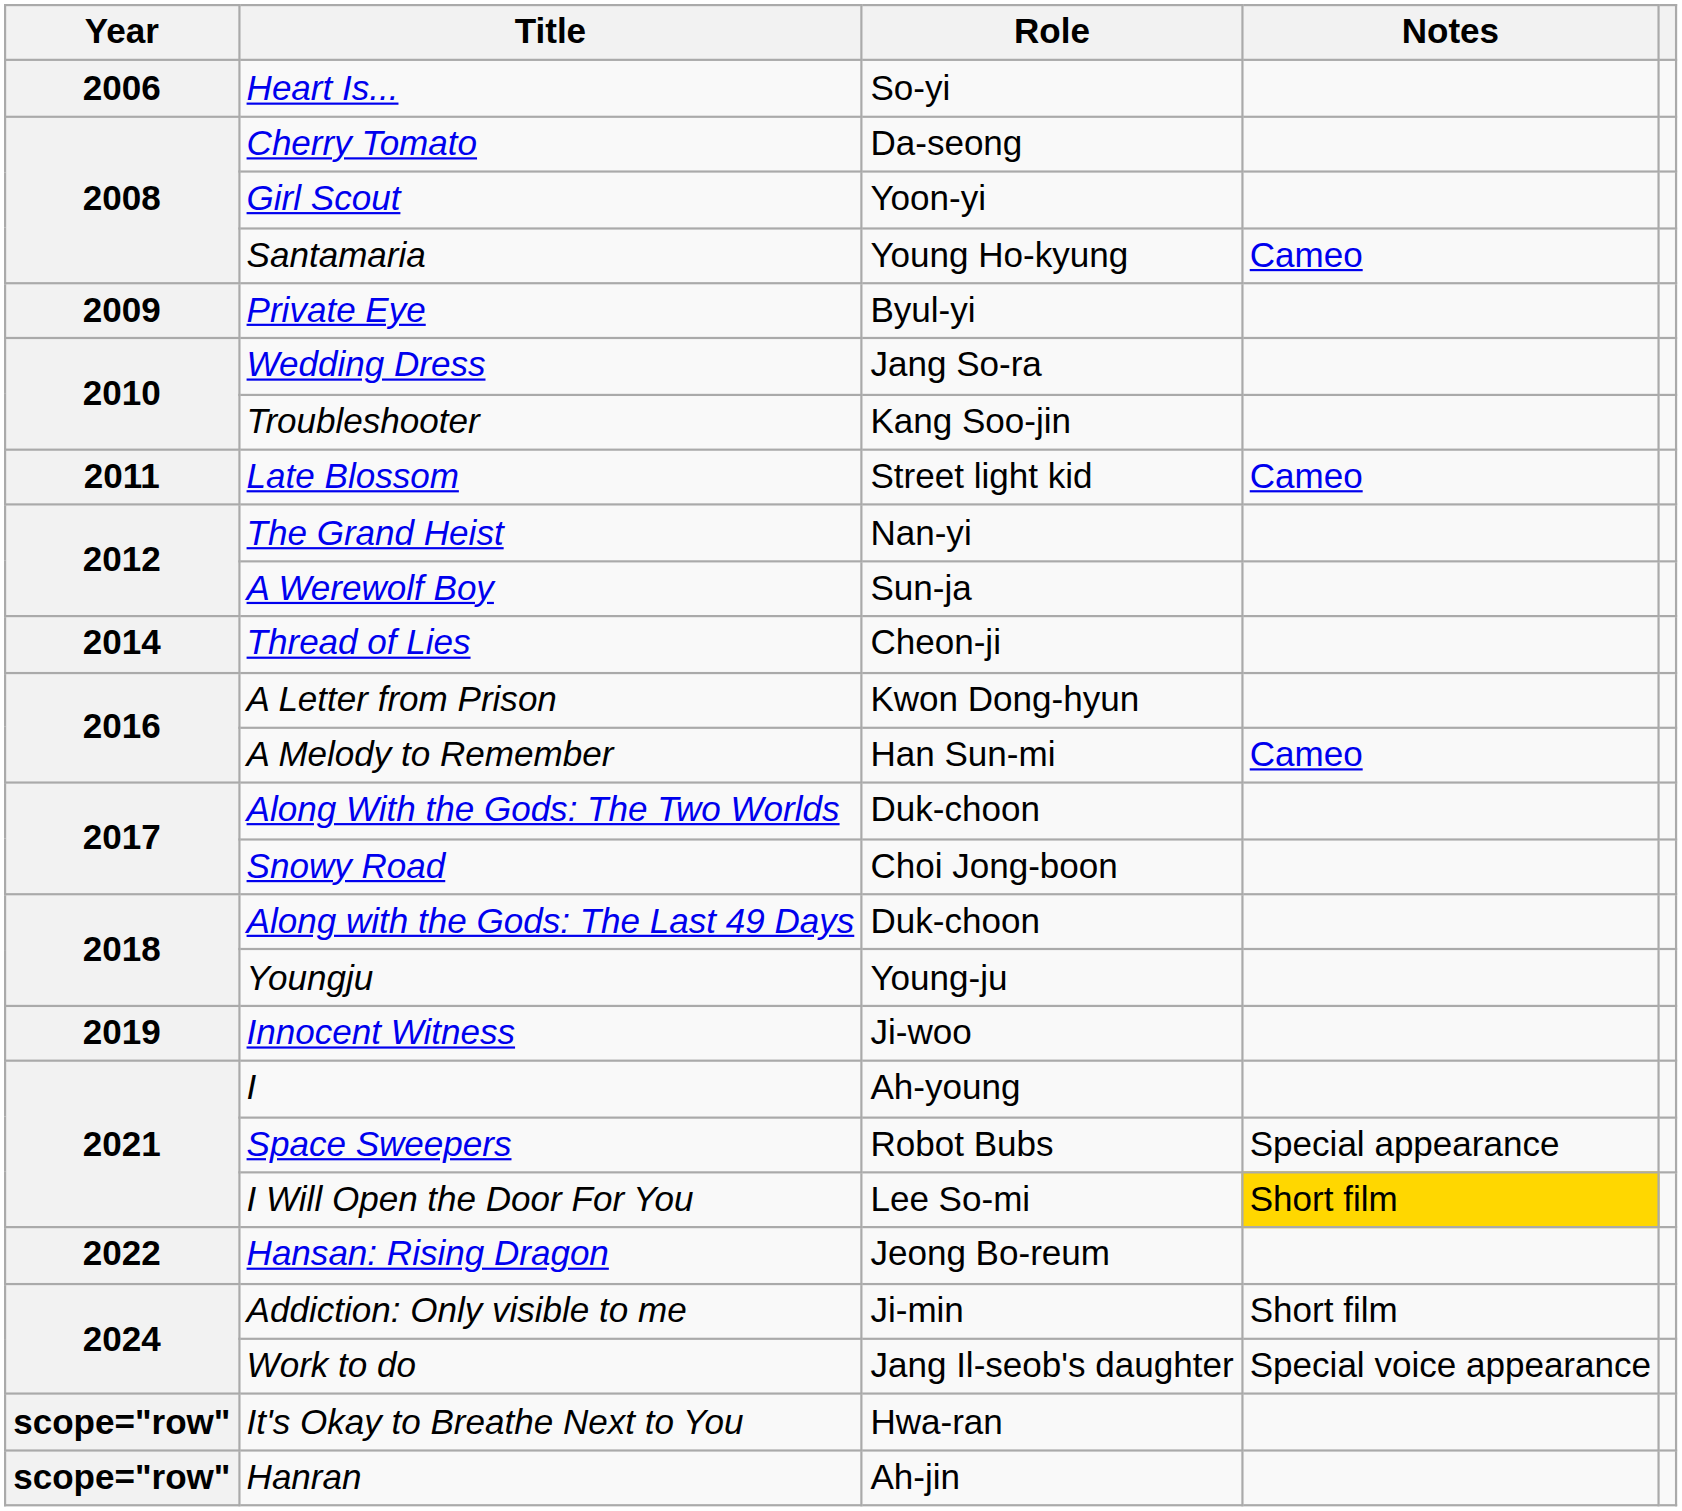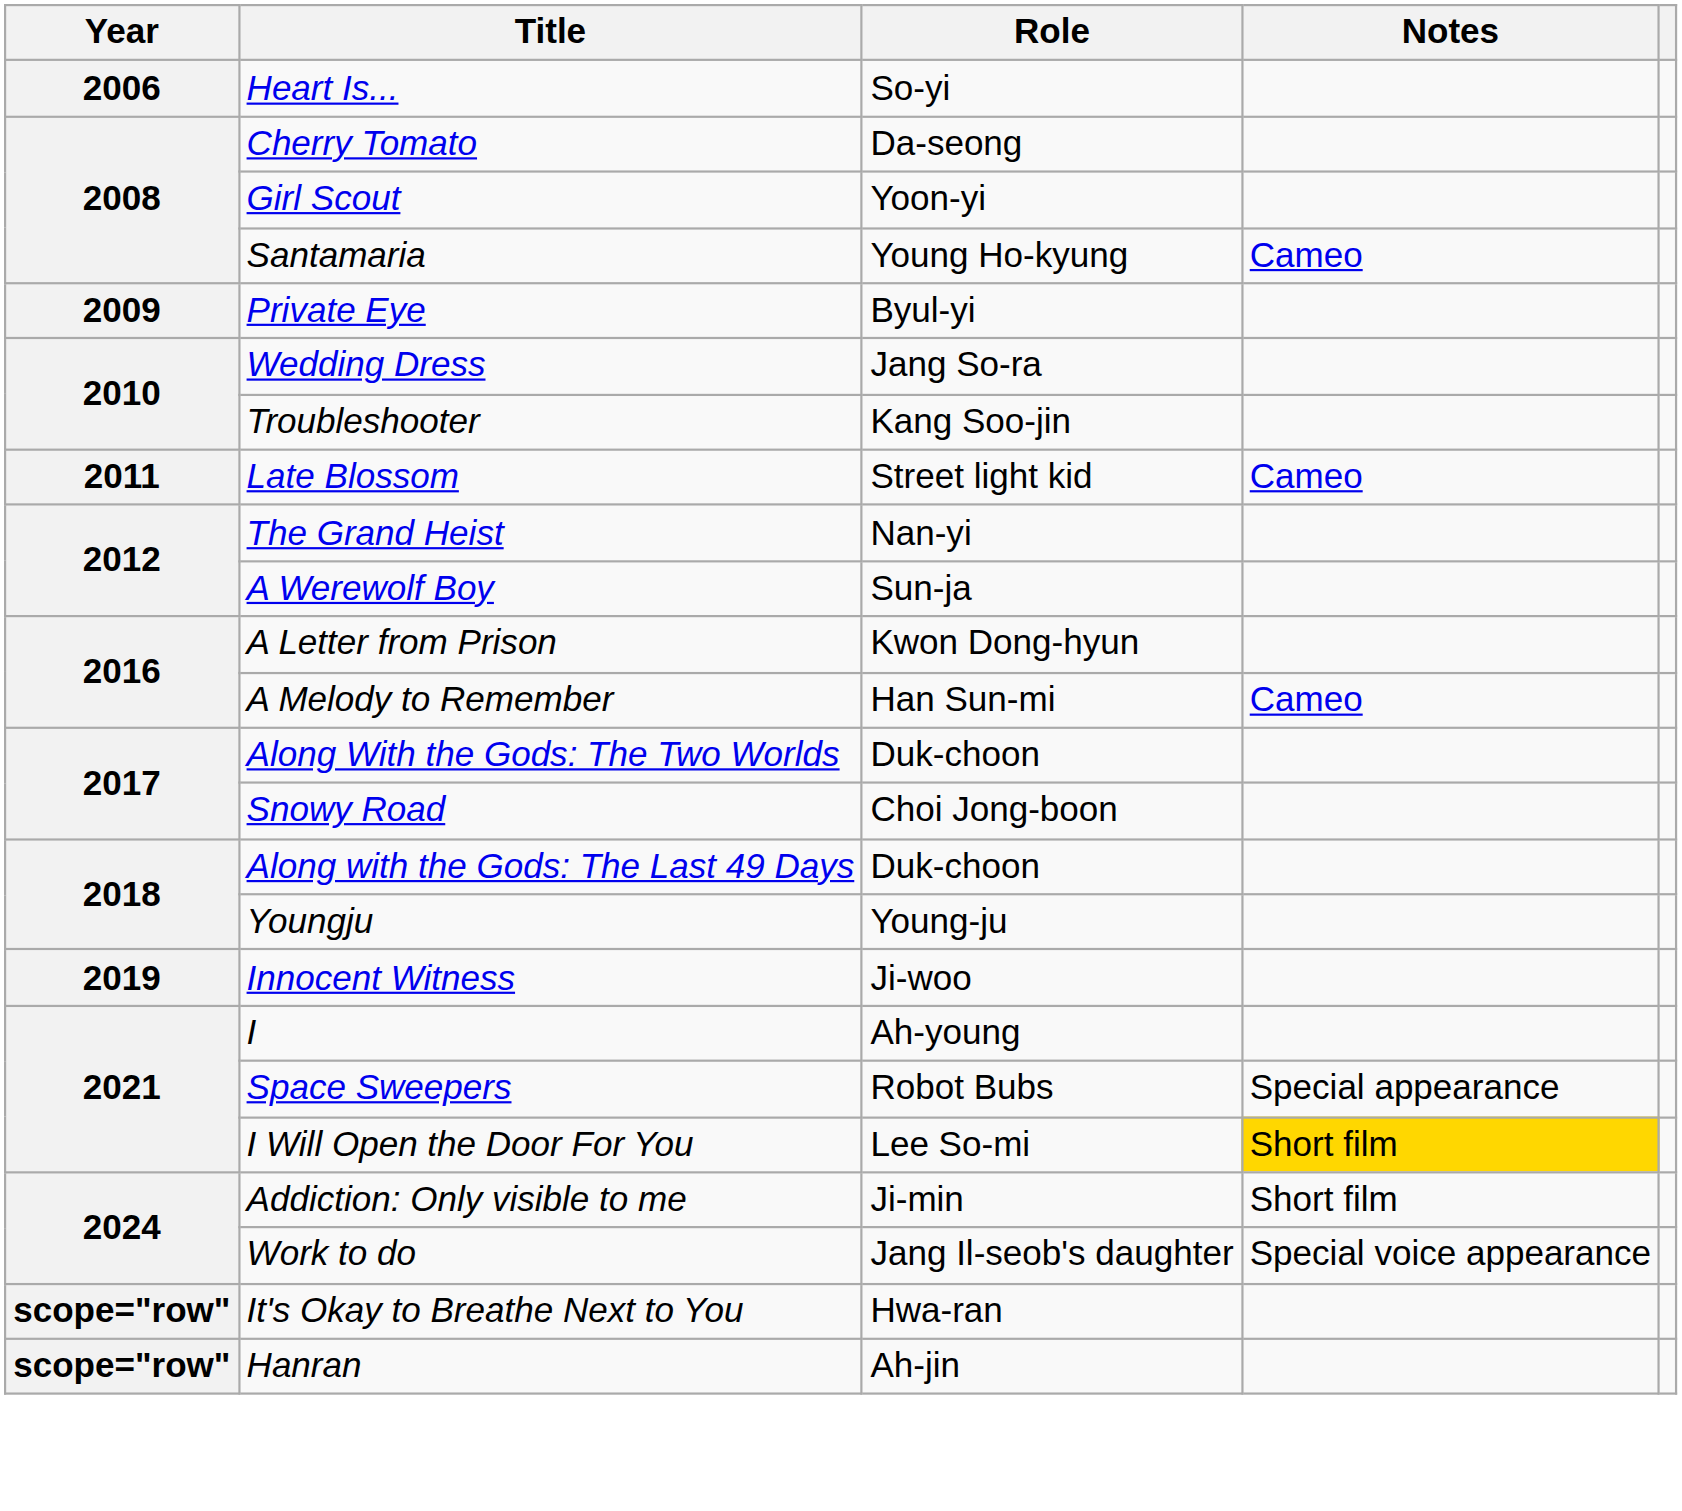 <table class="wikitable plainrowheaders sortable">
 <tr>
 <th scope="col">Year</th>
 <th scope="col">Title</th>
 <th scope="col">Role</th>
 <th scope="col">Notes</th>
 <th scope="col" class="unsortable"></th>
 </tr>
 <tr>
 <th scope="row">2006</th>
 <td><em><a href='#'>Heart Is...</a></em></td>
 <td>So-yi</td>
 <td></td>
 <td style="text-align:center"></td>
 </tr>
 <tr>
 <th scope="row" rowspan="3">2008</th>
 <td><em><a href='#'>Cherry Tomato</a></em></td>
 <td>Da-seong</td>
 <td></td>
 <td style="text-align:center"></td>
 </tr>
 <tr>
 <td><em><a href='#'>Girl Scout</a></em></td>
 <td>Yoon-yi</td>
 <td></td>
 <td style="text-align:center"></td>
 </tr>
 <tr>
 <td><em>Santamaria</em></td>
 <td>Young Ho-kyung</td>
 <td><a href='#'>Cameo</a></td>
 <td style="text-align:center"></td>
 </tr>
 <tr>
 <th scope="row">2009</th>
 <td><em><a href='#'>Private Eye</a></em></td>
 <td>Byul-yi</td>
 <td></td>
 <td style="text-align:center"></td>
 </tr>
 <tr>
 <th scope="row"  rowspan="2">2010</th>
 <td><em><a href='#'>Wedding Dress</a></em></td>
 <td>Jang So-ra</td>
 <td></td>
 <td style="text-align:center"></td>
 </tr>
 <tr>
 <td><em>Troubleshooter</em></td>
 <td>Kang Soo-jin</td>
 <td></td>
 <td style="text-align:center"></td>
 </tr>
 <tr>
 <th scope="row">2011</th>
 <td><em><a href='#'>Late Blossom</a></em></td>
 <td>Street light kid</td>
 <td><a href='#'>Cameo</a></td>
 <td style="text-align:center"></td>
 </tr>
 <tr>
 <th scope="row" rowspan="2">2012</th>
 <td><em><a href='#'>The Grand Heist</a></em></td>
 <td>Nan-yi</td>
 <td></td>
 <td style="text-align:center"></td>
 </tr>
 <tr>
 <td><em><a href='#'>A Werewolf Boy</a></em></td>
 <td>Sun-ja</td>
 <td></td>
 <td style="text-align:center"></td>
 </tr>
 <tr>
-<th scope="row">2014</th>
-<td><em><a href='#'>Thread of Lies</a></em></td>
-<td>Cheon-ji</td>
-<td></td>
-<td style="text-align:center"></td>
-</tr>
-<tr>
 <th scope="row" rowspan="2">2016</th>
 <td><em>A Letter from Prison</em></td>
 <td>Kwon Dong-hyun</td>
 <td></td>
 <td style="text-align:center"></td>
 </tr>
 <tr>
 <td><em>A Melody to Remember</em></td>
 <td>Han Sun-mi</td>
 <td><a href='#'>Cameo</a></td>
 <td style="text-align:center"></td>
 </tr>
 <tr>
 <th scope="row"  rowspan="2">2017</th>
 <td><em><a href='#'>Along With the Gods: The Two Worlds</a></em></td>
 <td>Duk-choon</td>
 <td></td>
 <td style="text-align:center"></td>
 </tr>
 <tr>
 <td><em><a href='#'>Snowy Road</a></em></td>
 <td>Choi Jong-boon</td>
 <td></td>
 <td style="text-align:center"></td>
 </tr>
 <tr>
 <th scope="row"  rowspan="2">2018</th>
 <td><em><a href='#'>Along with the Gods: The Last 49 Days</a></em></td>
 <td>Duk-choon</td>
 <td></td>
 <td style="text-align:center"></td>
 </tr>
 <tr>
 <td><em>Youngju</em></td>
 <td>Young-ju</td>
 <td></td>
 <td style="text-align:center"></td>
 </tr>
 <tr>
 <th scope="row">2019</th>
 <td><em><a href='#'>Innocent Witness</a></em></td>
 <td>Ji-woo</td>
 <td></td>
 <td style="text-align:center"></td>
 </tr>
 <tr>
 <th scope="row"  rowspan="3">2021</th>
 <td><em>I </em></td>
 <td>Ah-young</td>
 <td></td>
 <td style="text-align:center"></td>
 </tr>
 <tr>
 <td><em><a href='#'>Space Sweepers</a></em></td>
 <td>Robot Bubs</td>
 <td>Special appearance</td>
 <td style="text-align:center"></td>
 </tr>
 <tr>
 <td><em>I Will Open the Door For You</em></td>
 <td>Lee So-mi</td>
 <td style="background: gold;">Short film</td>
 <td style="text-align:center"></td>
 </tr>
 <tr>
-<th scope="row">2022</th>
-<td><em><a href='#'>Hansan: Rising Dragon</a></em></td>
-<td>Jeong Bo-reum</td>
-<td></td>
-<td style="text-align:center"></td>
-</tr>
-<tr>
 <th scope="row"  rowspan="2">2024</th>
 <td><em>Addiction: Only visible to me</em></td>
 <td>Ji-min</td>
 <td>Short film</td>
 <td style="text-align:center"></td>
 </tr>
 <tr>
 <td><em>Work to do</em></td>
 <td>Jang Il-seob's daughter</td>
 <td>Special voice appearance</td>
 <td style="text-align:center"></td>
 </tr>
 <tr>
 <th>scope="row" </th>
 <td><em>It's Okay to Breathe Next to You</em></td>
 <td>Hwa-ran</td>
 <td></td>
 <td style="text-align:center"></td>
 </tr>
 <tr>
 <th>scope="row" </th>
 <td><em>Hanran</em></td>
 <td>Ah-jin</td>
 <td></td>
 <td style="text-align:center"></td>
 </tr>
 </table>
